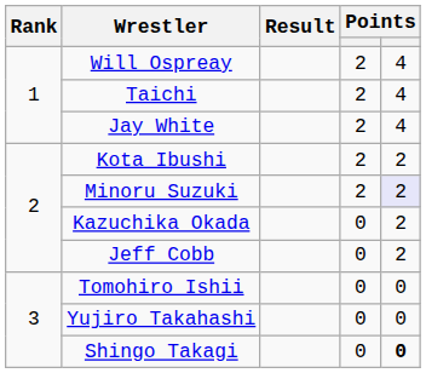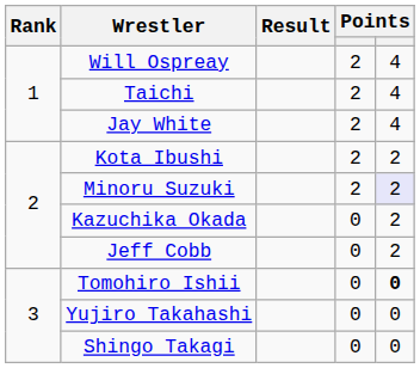 <table class="wikitable mw-collapsible mw-collapsed" plainrowheaders sortable" style="text-align: center">
 <tr>
 <th scope="col" rowspan="2">Rank</th>
 <th scope="col" rowspan="2">Wrestler</th>
 <th scope="col" rowspan="2">Result</th>
 <th scope="col" colspan="2">Points</th>
 </tr>
 <tr>
 <th></th>
 <th></th>
 </tr>
 <tr>
 <td rowspan="3">1</td>
 <td><a href='#'>Will Ospreay</a></td>
 <td></td>
 <td>2</td>
 <td>4</td>
 </tr>
 <tr>
 <td><a href='#'>Taichi</a></td>
 <td></td>
 <td>2</td>
 <td>4</td>
 </tr>
 <tr>
 <td><a href='#'>Jay White</a></td>
 <td></td>
 <td>2</td>
 <td>4</td>
 </tr>
 <tr>
 <td rowspan="4">2</td>
 <td><a href='#'>Kota Ibushi</a></td>
 <td></td>
 <td>2</td>
 <td>2</td>
 </tr>
 <tr>
 <td><a href='#'>Minoru Suzuki</a></td>
 <td></td>
 <td>2</td>
 <td style="background: lavender;">2</td>
 </tr>
 <tr>
 <td><a href='#'>Kazuchika Okada</a></td>
 <td></td>
 <td>0</td>
 <td>2</td>
 </tr>
 <tr>
 <td><a href='#'>Jeff Cobb</a></td>
 <td></td>
 <td>0</td>
 <td>2</td>
 </tr>
 <tr>
 <td rowspan="3">3</td>
 <td><a href='#'>Tomohiro Ishii</a></td>
 <td></td>
 <td>0</td>
-<td>0</td>
+<td><strong>0</strong></td>
 </tr>
 <tr>
 <td><a href='#'>Yujiro Takahashi</a></td>
 <td></td>
 <td>0</td>
 <td>0</td>
 </tr>
 <tr>
 <td><a href='#'>Shingo Takagi</a></td>
 <td></td>
 <td>0</td>
-<td><strong>0</strong></td>
+<td>0</td>
 </tr>
 </table>
